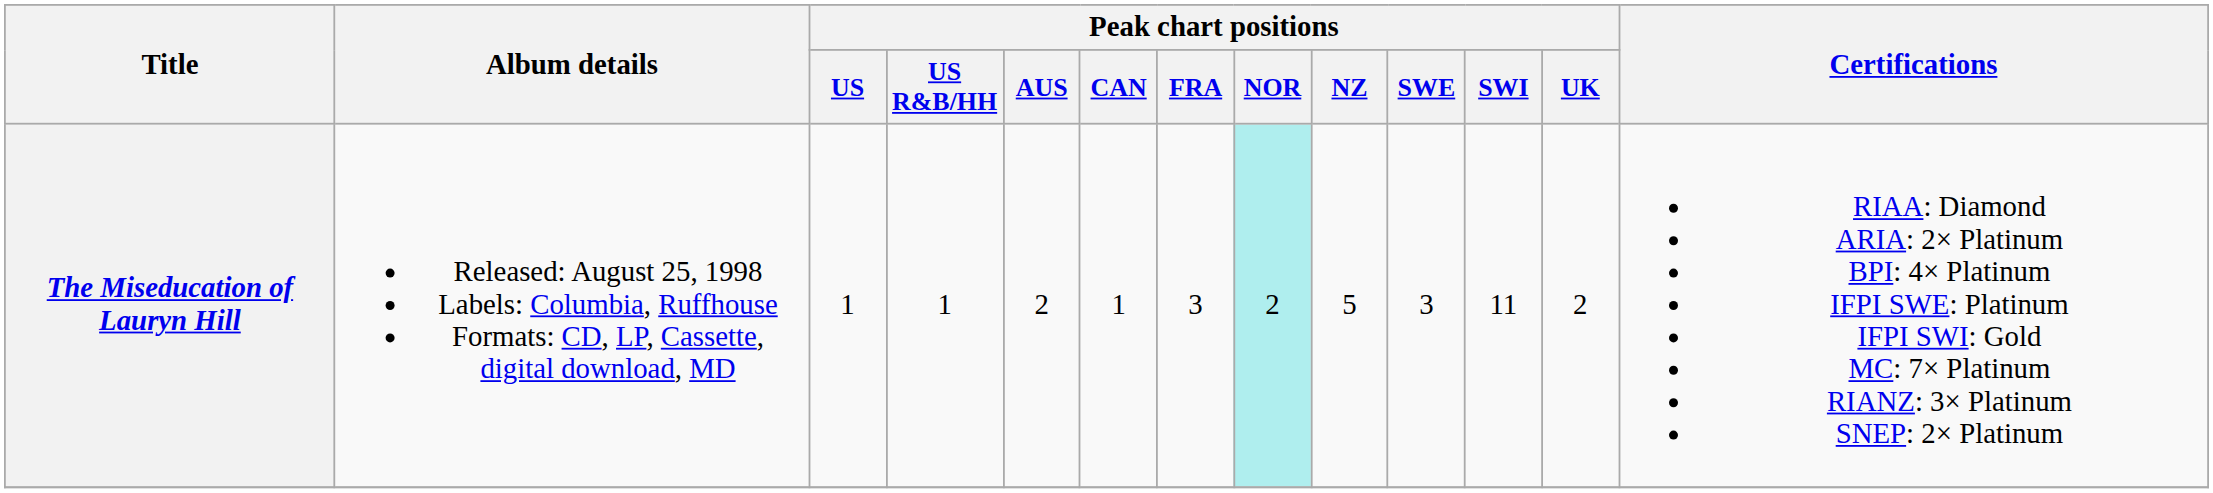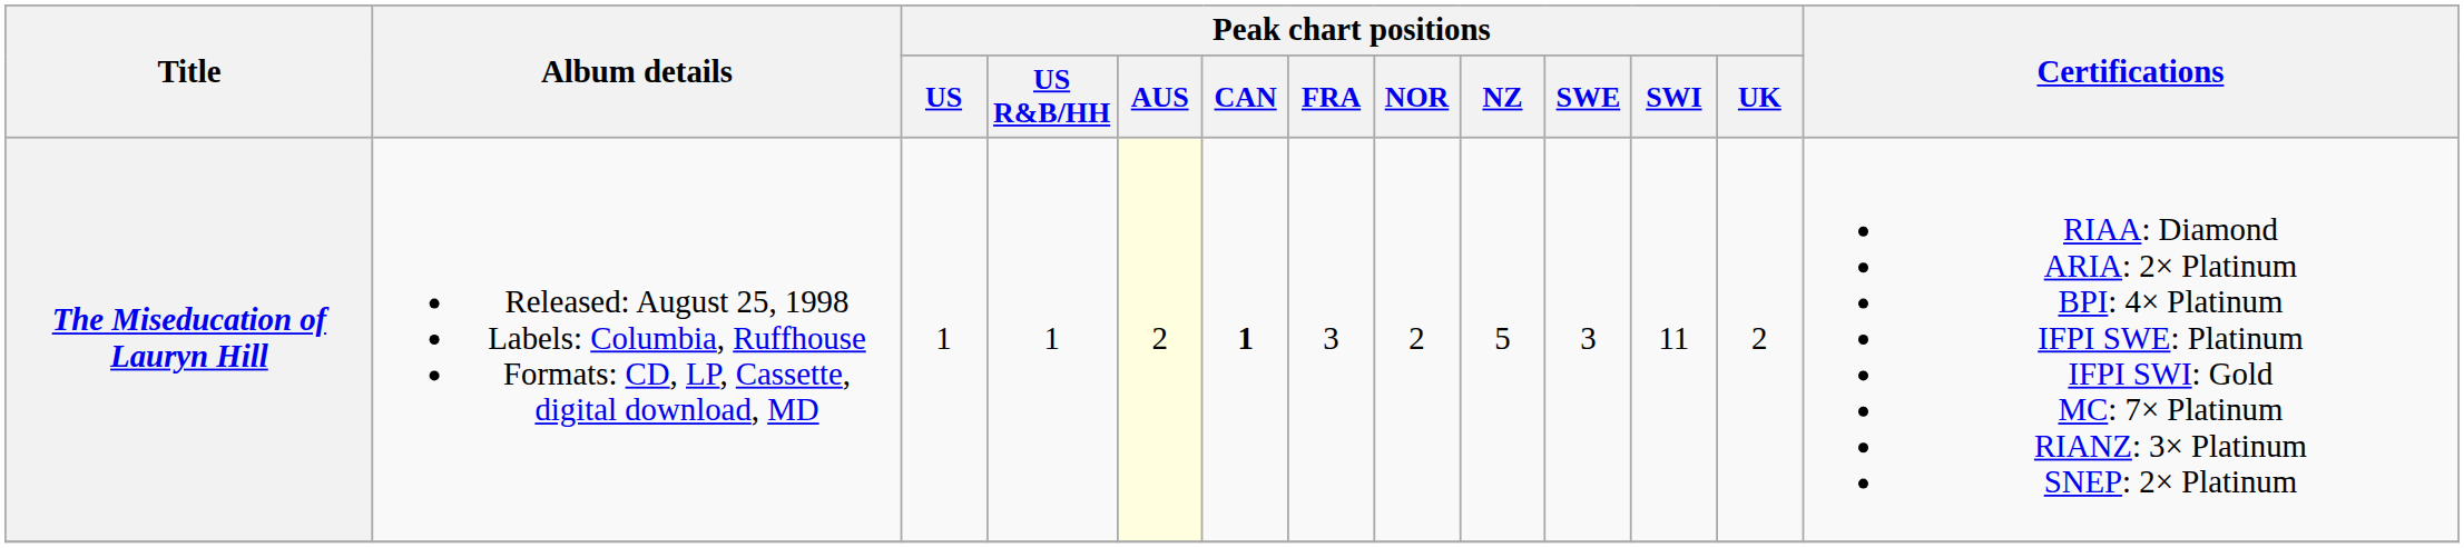 <table class="wikitable plainrowheaders" style="text-align:center;">
 <tr>
 <th scope="col" rowspan="2" style="width:11em;">Title</th>
 <th scope="col" rowspan="2" style="width:16em;">Album details</th>
 <th scope="col" colspan="10">Peak chart positions</th>
 <th scope="col" rowspan="2" style="width:20em;"><a href='#'>Certifications</a></th>
 </tr>
 <tr>
 <th scope="col" style="width:2.5em;font-size:90%;"><a href='#'>US</a><br></th>
 <th scope="col" style="width:2.5em;font-size:90%;"><a href='#'>US R&B/HH</a><br></th>
 <th scope="col" style="width:2.5em;font-size:90%;"><a href='#'>AUS</a><br></th>
 <th scope="col" style="width:2.5em;font-size:90%;"><a href='#'>CAN</a><br></th>
 <th scope="col" style="width:2.5em;font-size:90%;"><a href='#'>FRA</a><br></th>
 <th scope="col" style="width:2.5em;font-size:90%;"><a href='#'>NOR</a><br></th>
 <th scope="col" style="width:2.5em;font-size:90%;"><a href='#'>NZ</a><br></th>
 <th scope="col" style="width:2.5em;font-size:90%;"><a href='#'>SWE</a><br></th>
 <th scope="col" style="width:2.5em;font-size:90%;"><a href='#'>SWI</a><br></th>
 <th scope="col" style="width:2.5em;font-size:90%;"><a href='#'>UK</a><br></th>
 </tr>
 <tr>
 <th scope="row"><em><a href='#'>The Miseducation of Lauryn Hill</a></em></th>
 <td><br><ul><li>Released: August 25, 1998</li><li>Labels: <a href='#'>Columbia</a>, <a href='#'>Ruffhouse</a></li><li>Formats: <a href='#'>CD</a>, <a href='#'>LP</a>, <a href='#'>Cassette</a>, <a href='#'>digital download</a>, <a href='#'>MD</a></li></ul></td>
 <td>1</td>
 <td>1</td>
+<td style="background: lightyellow;">2</td>
+<td><strong>1</strong></td>
+<td>3</td>
 <td>2</td>
-<td>1</td>
-<td>3</td>
-<td style="background: paleturquoise;">2</td>
 <td>5</td>
 <td>3</td>
 <td>11</td>
 <td>2</td>
 <td><br><ul><li><a href='#'>RIAA</a>: Diamond</li><li><a href='#'>ARIA</a>: 2× Platinum</li><li><a href='#'>BPI</a>: 4× Platinum</li><li><a href='#'>IFPI SWE</a>: Platinum</li><li><a href='#'>IFPI SWI</a>: Gold</li><li><a href='#'>MC</a>: 7× Platinum</li><li><a href='#'>RIANZ</a>: 3× Platinum</li><li><a href='#'>SNEP</a>: 2× Platinum</li></ul></td>
 </tr>
 <tr 2019 TBA>
 </tr>
 </table>
